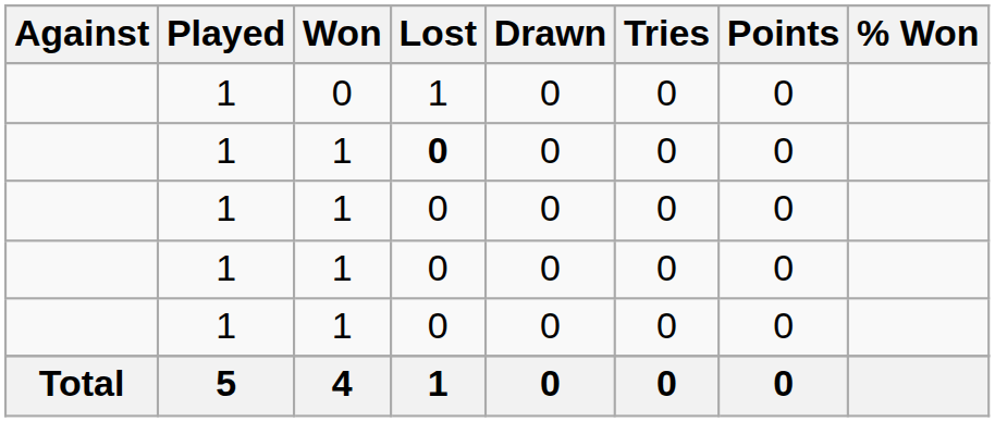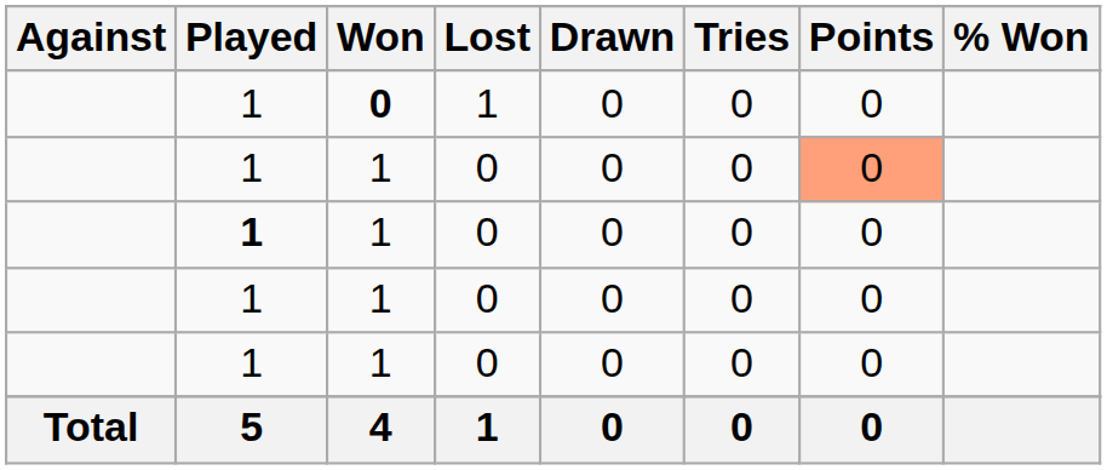 <table class="sortable wikitable" style="text-align: center;">
 <tr>
 </tr>
 <tr>
 <th>Against</th>
 <th>Played</th>
 <th>Won</th>
 <th>Lost</th>
 <th>Drawn</th>
 <th>Tries</th>
 <th>Points</th>
 <th>% Won</th>
 </tr>
 <tr bgcolor="#d0ffd0" align="center">
 </tr>
 <tr>
 <td align="left"></td>
 <td>1</td>
-<td>0</td>
+<td><strong>0</strong></td>
 <td>1</td>
 <td>0</td>
 <td>0</td>
 <td>0</td>
 <td></td>
 </tr>
 <tr>
 <td align="left"></td>
 <td>1</td>
 <td>1</td>
-<td><strong>0</strong></td>
 <td>0</td>
 <td>0</td>
 <td>0</td>
+<td style="background: lightsalmon;">0</td>
 <td></td>
 </tr>
 <tr>
 <td align="left"></td>
-<td>1</td>
+<td><strong>1</strong></td>
 <td>1</td>
 <td>0</td>
 <td>0</td>
 <td>0</td>
 <td>0</td>
 <td></td>
 </tr>
 <tr>
 <td align="left"></td>
 <td>1</td>
 <td>1</td>
 <td>0</td>
 <td>0</td>
 <td>0</td>
 <td>0</td>
 <td></td>
 </tr>
 <tr>
 <td align="left"></td>
 <td>1</td>
 <td>1</td>
 <td>0</td>
 <td>0</td>
 <td>0</td>
 <td>0</td>
 <td></td>
 </tr>
 <tr>
 </tr>
 <tr class="sortbottom">
 <th>Total</th>
 <th>5</th>
 <th>4</th>
 <th>1</th>
 <th>0</th>
 <th>0</th>
 <th>0</th>
 <th></th>
 </tr>
 </table>
